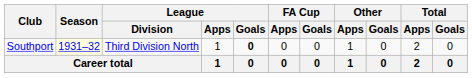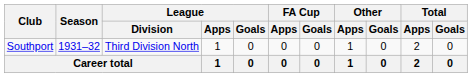 <table class="wikitable" style="text-align:center">
 <tr>
 <th rowspan="2">Club</th>
 <th rowspan="2">Season</th>
 <th colspan="3">League</th>
 <th colspan="2">FA Cup</th>
 <th colspan="2">Other</th>
 <th colspan="2">Total</th>
 </tr>
 <tr>
 <th>Division</th>
 <th>Apps</th>
 <th>Goals</th>
 <th>Apps</th>
 <th>Goals</th>
 <th>Apps</th>
 <th>Goals</th>
 <th>Apps</th>
 <th>Goals</th>
 </tr>
 <tr>
 <td><a href='#'>Southport</a></td>
-<td style="background: lightyellow;"><a href='#'>1931–32</a></td>
+<td><a href='#'>1931–32</a></td>
 <td><a href='#'>Third Division North</a></td>
 <td>1</td>
-<td><strong>0</strong></td>
+<td>0</td>
 <td>0</td>
 <td>0</td>
 <td>1</td>
 <td>0</td>
 <td>2</td>
 <td>0</td>
 </tr>
 <tr>
 <th colspan="3">Career total</th>
 <th>1</th>
 <th>0</th>
 <th>0</th>
 <th>0</th>
 <th>1</th>
 <th>0</th>
 <th>2</th>
 <th>0</th>
 </tr>
 </table>
